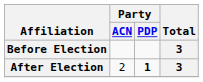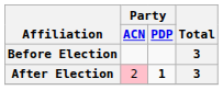 <table class=wikitable style="text-align:center">
 <tr style="vertical-align:bottom;">
 <th rowspan=2>Affiliation</th>
 <th colspan=2>Party</th>
 <th rowspan=2>Total</th>
 </tr>
 <tr>
 <th><a href='#'>ACN</a></th>
 <th><a href='#'>PDP</a></th>
 </tr>
 <tr>
 <th>Before Election</th>
 <td></td>
 <td></td>
 <th>3</th>
 </tr>
 <tr>
 <th>After Election</th>
-<td>2</td>
+<td style="background: pink;">2</td>
 <td><strong>1</strong></td>
 <th>3</th>
 </tr>
 <tr>
 </tr>
 </table>
